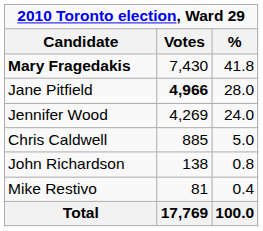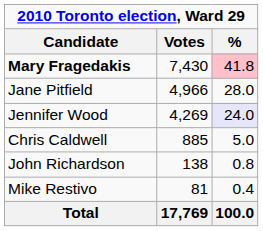 <table class="wikitable">
 <tr>
 <td Colspan="3" align="center"><strong><a href='#'>2010 Toronto election</a>, Ward 29</strong></td>
 </tr>
 <tr>
 <th width="150" bgcolor="#ddddff">Candidate</th>
 <th bgcolor="#ddddff">Votes</th>
 <th bgcolor="#ddddff">%</th>
 </tr>
 <tr>
 <td><strong>Mary Fragedakis</strong></td>
 <td align=right>7,430</td>
-<td align=right>41.8</td>
+<td align=right style="background: pink;">41.8</td>
 </tr>
 <tr>
 <td>Jane Pitfield</td>
-<td align=right><strong>4,966</strong></td>
+<td align=right>4,966</td>
 <td align=right>28.0</td>
 </tr>
 <tr>
 <td>Jennifer Wood</td>
 <td align=right>4,269</td>
-<td align=right>24.0</td>
+<td align=right style="background: lavender;">24.0</td>
 </tr>
 <tr>
 <td>Chris Caldwell</td>
 <td align=right>885</td>
 <td align=right>5.0</td>
 </tr>
 <tr>
 <td>John Richardson</td>
 <td align=right>138</td>
 <td align=right>0.8</td>
 </tr>
 <tr>
 <td>Mike Restivo</td>
 <td align=right>81</td>
 <td align=right>0.4</td>
 </tr>
 <tr>
 <th>Total</th>
 <th align=right>17,769</th>
 <th align=right>100.0</th>
 </tr>
 </table>
